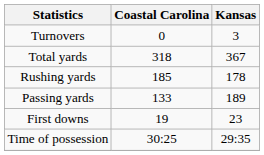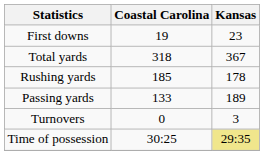 <table class="wikitable">
 <tr>
 <th>Statistics</th>
 <th>Coastal Carolina</th>
 <th>Kansas</th>
 </tr>
 <tr align="center">
-<td>Turnovers</td>
-<td>0</td>
-<td>3</td>
+<td>First downs</td>
+<td>19</td>
+<td>23</td>
 </tr>
 <tr align="center">
 <td>Total yards</td>
 <td>318</td>
 <td>367</td>
 </tr>
 <tr align="center">
 <td>Rushing yards</td>
 <td>185</td>
 <td>178</td>
 </tr>
 <tr align="center">
 <td>Passing yards</td>
 <td>133</td>
 <td>189</td>
 </tr>
 <tr align="center">
-<td>First downs</td>
-<td>19</td>
-<td>23</td>
+<td>Turnovers</td>
+<td>0</td>
+<td>3</td>
 </tr>
 <tr align="center">
 <td>Time of possession</td>
 <td>30:25</td>
-<td>29:35</td>
+<td style="background: khaki;">29:35</td>
 </tr>
 <tr>
 </tr>
 </table>
